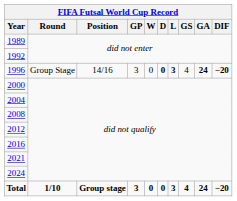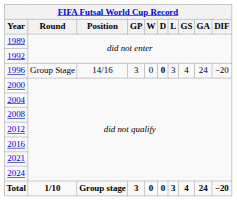 <table class="wikitable" style="text-align: center;font-size:90%;">
 <tr>
 <th colspan=10><a href='#'>FIFA Futsal World Cup Record</a></th>
 </tr>
 <tr>
 <th>Year</th>
 <th>Round</th>
 <th>Position</th>
 <th>GP</th>
 <th>W</th>
 <th>D</th>
 <th>L</th>
 <th>GS</th>
 <th>GA</th>
 <th>DIF</th>
 </tr>
 <tr>
 <td> <a href='#'>1989</a></td>
 <td colspan=9 rowspan=2><em>did not enter</em></td>
 </tr>
 <tr>
 <td> <a href='#'>1992</a></td>
 </tr>
 <tr>
 <td> <a href='#'>1996</a></td>
 <td>Group Stage</td>
 <td>14/16</td>
 <td>3</td>
 <td>0</td>
 <td><strong>0</strong></td>
-<td><strong>3</strong></td>
+<td>3</td>
 <td>4</td>
-<td><strong>24</strong></td>
-<td><strong>−20</strong></td>
+<td>24</td>
+<td>−20</td>
 </tr>
 <tr>
 <td> <a href='#'>2000</a></td>
 <td colspan=9 rowspan=7><em>did not qualify</em></td>
 </tr>
 <tr>
 <td> <a href='#'>2004</a></td>
 </tr>
 <tr>
 <td> <a href='#'>2008</a></td>
 </tr>
 <tr>
 <td> <a href='#'>2012</a></td>
 </tr>
 <tr>
 <td> <a href='#'>2016</a></td>
 </tr>
 <tr>
 <td> <a href='#'>2021</a></td>
 </tr>
 <tr>
 <td> <a href='#'>2024</a></td>
 </tr>
 <tr>
 <td><strong>Total</strong></td>
 <td><strong>1/10</strong></td>
 <td><strong>Group stage</strong></td>
 <td><strong>3</strong></td>
 <td><strong>0</strong></td>
 <td><strong>0</strong></td>
 <td><strong>3</strong></td>
 <td><strong>4</strong></td>
 <td><strong>24</strong></td>
 <td><strong>−20</strong></td>
 </tr>
 </table>
